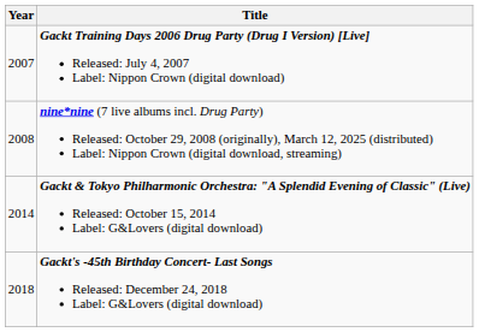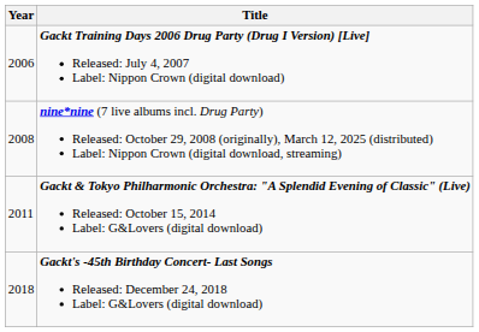 <table class="wikitable">
 <tr>
 <th>Year</th>
 <th>Title</th>
 </tr>
 <tr>
-<td>2007</td>
+<td>2006</td>
 <td><strong><em>Gackt Training Days 2006 Drug Party (Drug I Version) [Live]</em></strong><br><ul><li>Released: July 4, 2007</li><li>Label: Nippon Crown (digital download)</li></ul></td>
 </tr>
 <tr>
 <td>2008</td>
 <td><strong><em><a href='#'>nine*nine</a></em></strong> (7 live albums incl. <em>Drug Party</em>)<br><ul><li>Released: October 29, 2008 (originally), March 12, 2025 (distributed)</li><li>Label: Nippon Crown (digital download, streaming)</li></ul></td>
 </tr>
 <tr>
-<td>2014</td>
+<td>2011</td>
 <td><strong><em>Gackt & Tokyo Philharmonic Orchestra: "A Splendid Evening of Classic" (Live)</em></strong><br><ul><li>Released: October 15, 2014</li><li>Label: G&Lovers (digital download)</li></ul></td>
 </tr>
 <tr>
 <td>2018</td>
 <td><strong><em>Gackt's -45th Birthday Concert- Last Songs</em></strong><br><ul><li>Released: December 24, 2018</li><li>Label: G&Lovers (digital download)</li></ul></td>
 </tr>
 </table>
